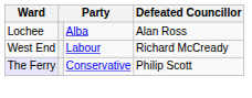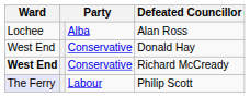 <table class="wikitable sortable">
 <tr>
 <th>Ward</th>
 <th colspan="2">Party</th>
 <th>Defeated Councillor</th>
 </tr>
 <tr>
 <td>Lochee</td>
 <th style="background-color: "></th>
 <td><a href='#'>Alba</a></td>
 <td>Alan Ross</td>
 </tr>
 <tr>
 <td>West End</td>
 <th style="background-color: "></th>
-<td><a href='#'>Labour</a></td>
+<td><a href='#'>Conservative</a></td>
+<td>Donald Hay</td>
+</tr>
+<tr>
+<td><strong>West End</strong></td>
+<th style="background-color: "></th>
+<td><a href='#'>Conservative</a></td>
 <td>Richard McCready</td>
 </tr>
 <tr>
 <td style="background: lavender;">The Ferry</td>
 <th style="background-color: "></th>
-<td><a href='#'>Conservative</a></td>
+<td><a href='#'>Labour</a></td>
 <td>Philip Scott</td>
 </tr>
 </table>
